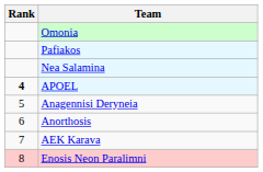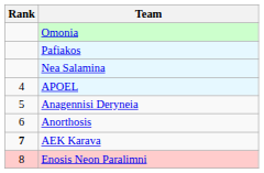 <table class="wikitable" style="text-align: center;">
 <tr>
 <th width=40>Rank</th>
 <th width=300>Team</th>
 </tr>
 <tr>
 <td></td>
 <td align=left bgcolor=#ccffcc><a href='#'>Omonia</a></td>
 </tr>
 <tr>
 <td></td>
 <td align=left bgcolor=#e6f8ff><a href='#'>Pafiakos</a></td>
 </tr>
 <tr>
 <td></td>
 <td align=left bgcolor=#e6f8ff><a href='#'>Nea Salamina</a></td>
 </tr>
 <tr>
-<td><strong>4</strong></td>
+<td>4</td>
 <td align="left" bgcolor=#e6f8ff><a href='#'>APOEL</a></td>
 </tr>
 <tr>
 <td>5</td>
 <td align="left"><a href='#'>Anagennisi Deryneia</a></td>
 </tr>
 <tr>
 <td>6</td>
 <td align="left"><a href='#'>Anorthosis</a></td>
 </tr>
 <tr>
-<td>7</td>
+<td><strong>7</strong></td>
 <td align="left"><a href='#'>AEK Karava</a></td>
 </tr>
 <tr bgcolor="FFCCCC">
 <td>8</td>
 <td align="left"><a href='#'>Enosis Neon Paralimni</a></td>
 </tr>
 </table>
